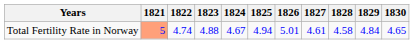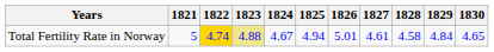 <table class="wikitable " style="text-align:right">
 <tr>
 <th>Years</th>
 <th>1821</th>
 <th>1822</th>
 <th>1823</th>
 <th>1824</th>
 <th>1825</th>
 <th>1826</th>
 <th>1827</th>
 <th>1828</th>
 <th>1829</th>
 <th>1830</th>
 </tr>
 <tr>
 <td align="left">Total Fertility Rate in Norway</td>
-<td style="background: lightsalmon; text-align:right; color:blue;">5</td>
-<td style="text-align:right; color:blue;">4.74</td>
-<td style="text-align:right; color:blue;">4.88</td>
+<td style="text-align:right; color:blue;">5</td>
+<td style="background: gold; text-align:right; color:blue;">4.74</td>
+<td style="background: khaki; text-align:right; color:blue;">4.88</td>
 <td style="text-align:right; color:blue;">4.67</td>
 <td style="text-align:right; color:blue;">4.94</td>
 <td style="text-align:right; color:blue;">5.01</td>
 <td style="text-align:right; color:blue;">4.61</td>
 <td style="text-align:right; color:blue;">4.58</td>
 <td style="text-align:right; color:blue;">4.84</td>
 <td style="text-align:right; color:blue;">4.65</td>
 </tr>
 </table>
